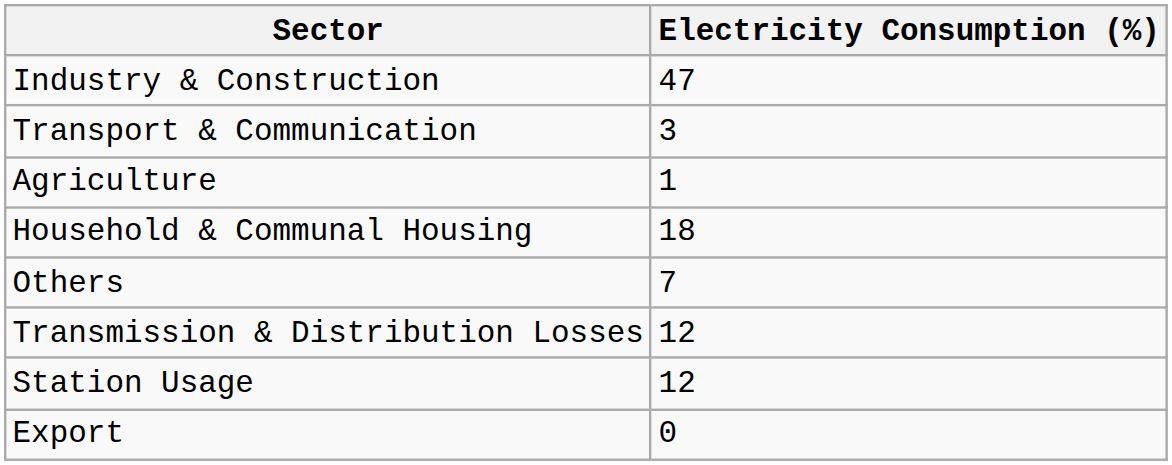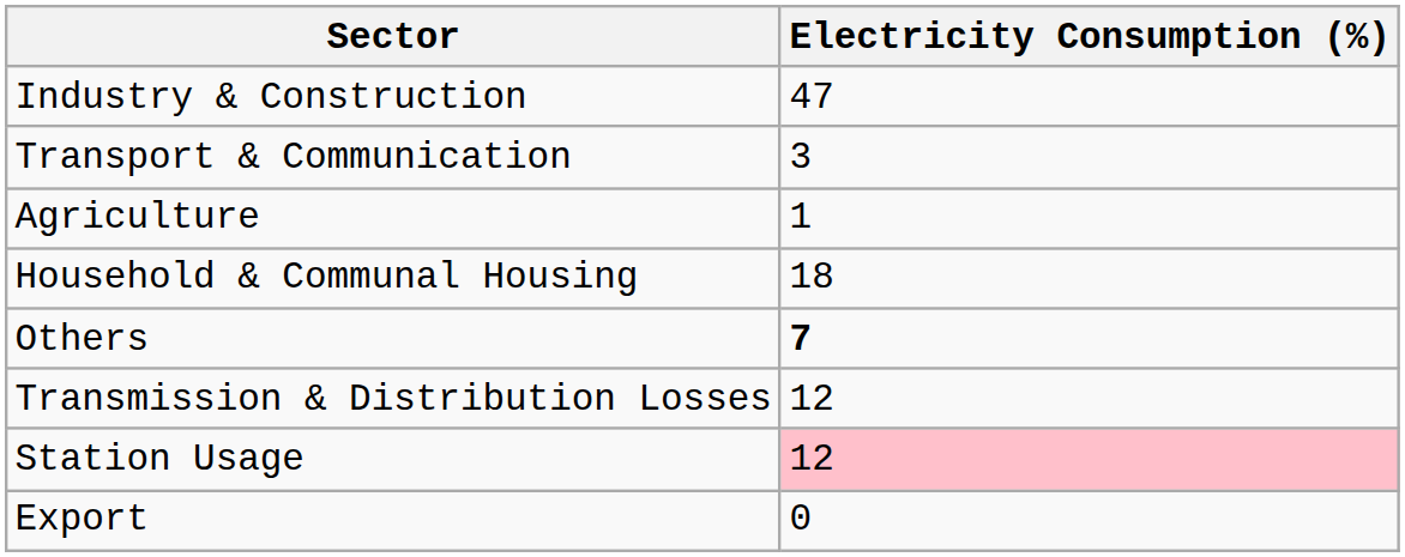 <table class="wikitable sortable">
 <tr>
 <th>Sector</th>
 <th>Electricity Consumption (%)</th>
 </tr>
 <tr>
 <td>Industry & Construction</td>
 <td>47</td>
 </tr>
 <tr>
 <td>Transport & Communication</td>
 <td>3</td>
 </tr>
 <tr>
 <td>Agriculture</td>
 <td>1</td>
 </tr>
 <tr>
 <td>Household & Communal Housing</td>
 <td>18</td>
 </tr>
 <tr>
 <td>Others</td>
-<td>7</td>
+<td><strong>7</strong></td>
 </tr>
 <tr>
 <td>Transmission & Distribution Losses</td>
 <td>12</td>
 </tr>
 <tr>
 <td>Station Usage</td>
-<td>12</td>
+<td style="background: pink;">12</td>
 </tr>
 <tr>
 <td>Export</td>
 <td>0</td>
 </tr>
 </table>
